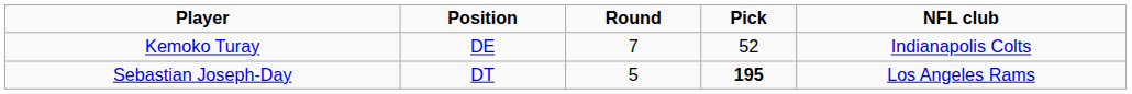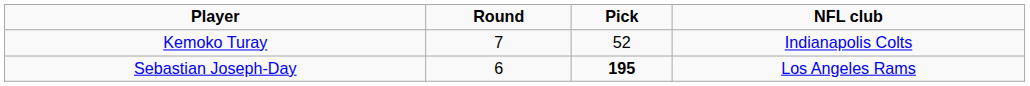 <table class="wikitable" width="80%">
 <tr align="center">
 <td><strong>Player</strong></td>
-<td><strong>Position</strong></td>
 <td><strong>Round</strong></td>
 <td><strong>Pick</strong></td>
 <td><strong>NFL club</strong></td>
 </tr>
 <tr align="center" bgcolor="">
 <td><a href='#'>Kemoko Turay</a></td>
-<td><a href='#'>DE</a></td>
 <td>7</td>
 <td>52</td>
 <td><a href='#'>Indianapolis Colts</a></td>
 </tr>
 <tr align="center" bgcolor="">
 <td><a href='#'>Sebastian Joseph-Day</a></td>
-<td><a href='#'>DT</a></td>
-<td>5</td>
+<td>6</td>
 <td><strong>195</strong></td>
 <td><a href='#'>Los Angeles Rams</a></td>
 </tr>
 </table>
